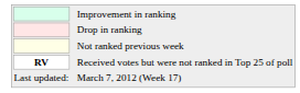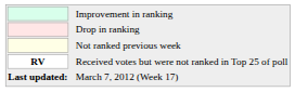 <table align=right style="font-size:90%; border:1px solid #aaaaaa; white-space:nowrap; background:#eeeeee;">
 <tr>
 <td style="background:#d8ffeb; width:20px; border:1px solid #aaaaaa;"> </td>
 <td rowspan=5> </td>
 <td>Improvement in ranking</td>
 </tr>
 <tr>
 <td style="background:#ffe6e6; width:20px; border:1px solid #aaaaaa;"> </td>
 <td>Drop in ranking</td>
 </tr>
 <tr>
 <td style="background:#ffffe6; width:20px; border:1px solid #aaaaaa;"> </td>
 <td>Not ranked previous week</td>
 </tr>
 <tr>
 <td align=center style="width:20px; border:1px solid #aaaaaa; background:white;"><strong>RV</strong></td>
 <td>Received votes but were not ranked in Top 25 of poll</td>
 </tr>
 <tr>
-<td>Last updated:</td>
+<td><strong>Last updated:</strong></td>
 <td>March 7, 2012 (Week 17)</td>
 </tr>
 <tr>
 </tr>
 </table>
